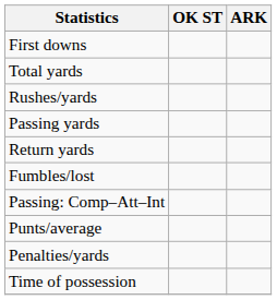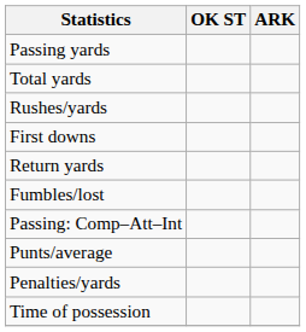 <table class="wikitable" style="float: left;">
 <tr>
 <th>Statistics</th>
 <th>OK ST</th>
 <th>ARK</th>
 </tr>
 <tr>
-<td>First downs</td>
+<td>Passing yards</td>
 <td></td>
 <td></td>
 </tr>
 <tr>
 <td>Total yards</td>
 <td></td>
 <td></td>
 </tr>
 <tr>
 <td>Rushes/yards</td>
 <td></td>
 <td></td>
 </tr>
 <tr>
-<td>Passing yards</td>
+<td>First downs</td>
 <td></td>
 <td></td>
 </tr>
 <tr>
 <td>Return yards</td>
 <td></td>
 <td></td>
 </tr>
 <tr>
 <td>Fumbles/lost</td>
 <td></td>
 <td></td>
 </tr>
 <tr>
 <td>Passing: Comp–Att–Int</td>
 <td></td>
 <td></td>
 </tr>
 <tr>
 <td>Punts/average</td>
 <td></td>
 <td></td>
 </tr>
 <tr>
 <td>Penalties/yards</td>
 <td></td>
 <td></td>
 </tr>
 <tr>
 <td>Time of possession</td>
 <td></td>
 <td></td>
 </tr>
 <tr>
 </tr>
 </table>
